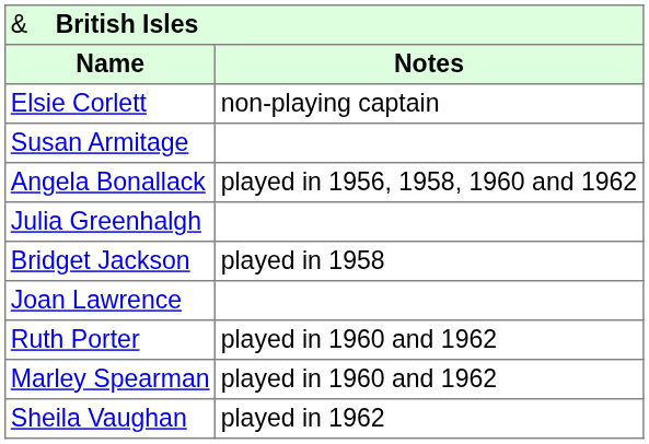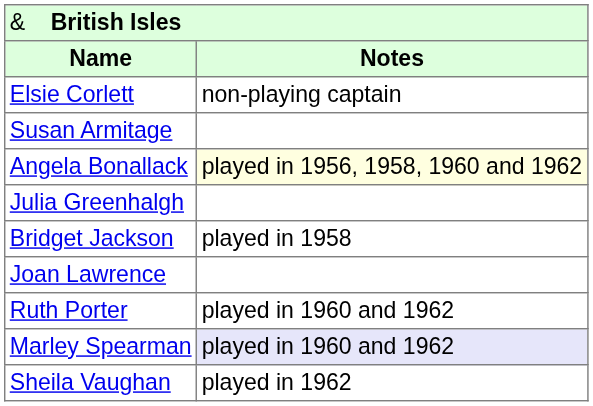 <table border="1" cellpadding="3" style="border-collapse: collapse;">
 <tr style="background:#ddffdd;">
 <td colspan=5> &    <strong>British Isles</strong></td>
 </tr>
 <tr style="background:#ddffdd;">
 <th>Name</th>
 <th>Notes</th>
 </tr>
 <tr>
 <td> <a href='#'>Elsie Corlett</a></td>
 <td>non-playing captain</td>
 </tr>
 <tr>
 <td> <a href='#'>Susan Armitage</a></td>
 <td></td>
 </tr>
 <tr>
 <td> <a href='#'>Angela Bonallack</a></td>
-<td>played in 1956, 1958, 1960 and 1962</td>
+<td style="background: lightyellow;">played in 1956, 1958, 1960 and 1962</td>
 </tr>
 <tr>
 <td> <a href='#'>Julia Greenhalgh</a></td>
 <td></td>
 </tr>
 <tr>
 <td> <a href='#'>Bridget Jackson</a></td>
 <td>played in 1958</td>
 </tr>
 <tr>
 <td> <a href='#'>Joan Lawrence</a></td>
 <td></td>
 </tr>
 <tr>
 <td> <a href='#'>Ruth Porter</a></td>
 <td>played in 1960 and 1962</td>
 </tr>
 <tr>
 <td> <a href='#'>Marley Spearman</a></td>
-<td>played in 1960 and 1962</td>
+<td style="background: lavender;">played in 1960 and 1962</td>
 </tr>
 <tr>
 <td> <a href='#'>Sheila Vaughan</a></td>
 <td>played in 1962</td>
 </tr>
 </table>
